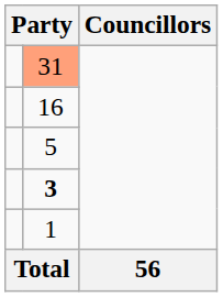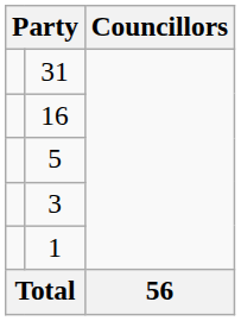 <table class="wikitable">
 <tr>
 <th colspan=2>Party</th>
 <th>Councillors</th>
 </tr>
 <tr>
 <td></td>
-<td align=center style="background: lightsalmon;">31</td>
+<td align=center>31</td>
 </tr>
 <tr>
 <td></td>
 <td align=center>16</td>
 </tr>
 <tr>
 <td></td>
 <td align=center>5</td>
 </tr>
 <tr>
 <td></td>
-<td align=center><strong>3</strong></td>
+<td align=center>3</td>
 </tr>
 <tr>
 <td></td>
 <td align=center>1</td>
 </tr>
 <tr>
 <th colspan=2>Total</th>
 <th align=center>56</th>
 </tr>
 </table>
